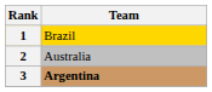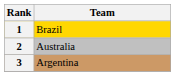 <table class="wikitable">
 <tr>
 <th>Rank</th>
 <th width=200px>Team</th>
 </tr>
 <tr bgcolor=gold>
 <th>1</th>
 <td> Brazil</td>
 </tr>
 <tr bgcolor=silver>
 <th>2</th>
 <td> Australia</td>
 </tr>
 <tr bgcolor=cc9966>
 <th>3</th>
-<td><strong> Argentina</strong></td>
+<td> Argentina</td>
 </tr>
 <tr>
 </tr>
 </table>
